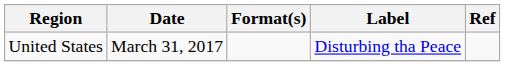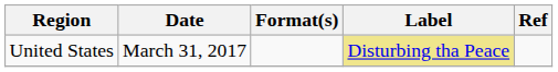 <table class="wikitable">
 <tr>
 <th>Region</th>
 <th>Date</th>
 <th>Format(s)</th>
 <th>Label</th>
 <th>Ref</th>
 </tr>
 <tr>
 <td>United States</td>
 <td>March 31, 2017</td>
 <td></td>
-<td><a href='#'>Disturbing tha Peace</a></td>
+<td style="background: khaki;"><a href='#'>Disturbing tha Peace</a></td>
 <td></td>
 </tr>
 <tr>
 </tr>
 </table>
